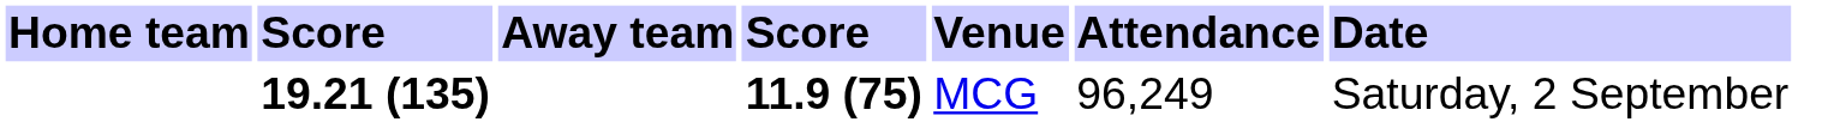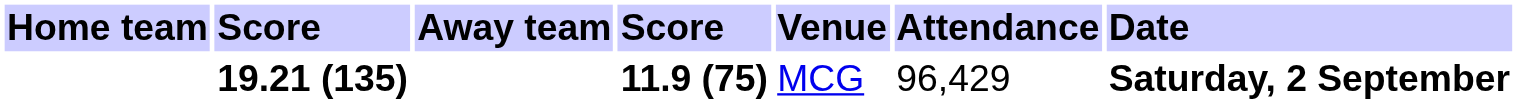 <table>
 <tr bgcolor="#CCCCFF">
 <td><strong>Home team</strong></td>
 <td><strong>Score</strong></td>
 <td><strong>Away team</strong></td>
 <td><strong>Score</strong></td>
 <td><strong>Venue</strong></td>
 <td><strong>Attendance</strong></td>
 <td><strong>Date</strong></td>
 </tr>
 <tr bgcolor="#FFFFFF">
 <td><strong></strong></td>
 <td><strong>19.21 (135)</strong></td>
 <td></td>
 <td><strong>11.9 (75)</strong></td>
 <td><a href='#'>MCG</a></td>
-<td>96,249</td>
-<td>Saturday, 2 September</td>
+<td>96,429</td>
+<td><strong>Saturday, 2 September</strong></td>
 </tr>
 </table>
